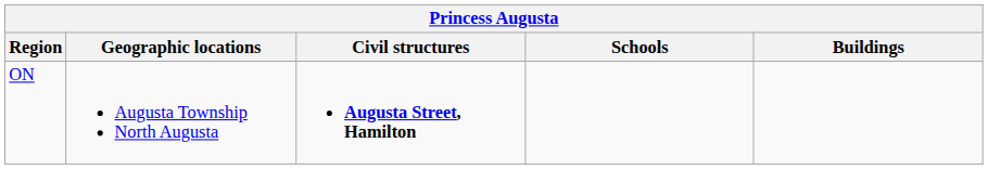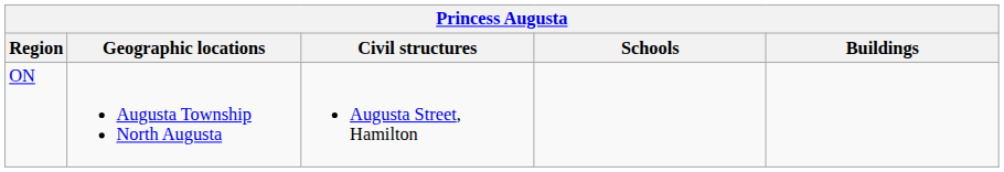 <table class="wikitable" width="100%">
 <tr>
 <th colspan="5"> <a href='#'>Princess Augusta</a></th>
 </tr>
 <tr>
 <th width="5%">Region</th>
 <th width="23.75%">Geographic locations</th>
 <th width="23.75%">Civil structures</th>
 <th width="23.75%">Schools</th>
 <th width="23.75%">Buildings</th>
 </tr>
 <tr>
 <td align=left valign=top> <a href='#'>ON</a></td>
 <td align=left valign=top><br><ul><li><a href='#'>Augusta Township</a></li><li><a href='#'>North Augusta</a></li></ul></td>
-<td align=left valign=top><strong><br><ul><li><a href='#'>Augusta Street</a>, Hamilton</li></ul></strong></td>
+<td align=left valign=top><br><ul><li><a href='#'>Augusta Street</a>, Hamilton</li></ul></td>
 <td></td>
 <td></td>
 </tr>
 </table>
